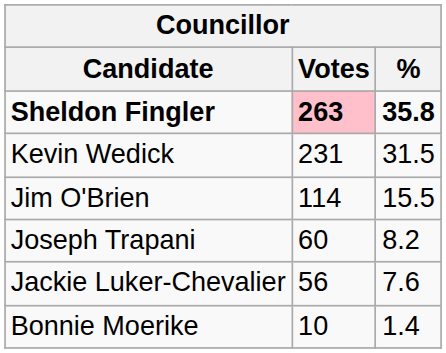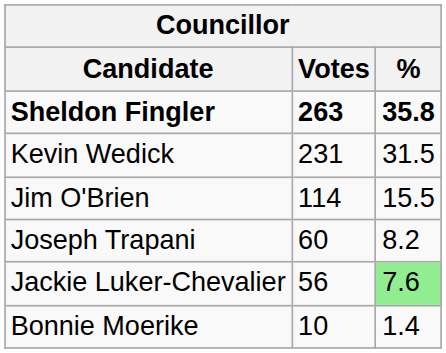 <table class="wikitable collapsible collapsed" align="right">
 <tr>
 <th colspan=3>Councillor</th>
 </tr>
 <tr>
 <th>Candidate</th>
 <th>Votes</th>
 <th>%</th>
 </tr>
 <tr>
 <td><strong>Sheldon Fingler</strong></td>
-<td style="background: pink;"><strong>263</strong></td>
+<td><strong>263</strong></td>
 <td><strong>35.8</strong></td>
 </tr>
 <tr>
 <td>Kevin Wedick</td>
 <td>231</td>
 <td>31.5</td>
 </tr>
 <tr>
 <td>Jim O'Brien</td>
 <td>114</td>
 <td>15.5</td>
 </tr>
 <tr>
 <td>Joseph Trapani</td>
 <td>60</td>
 <td>8.2</td>
 </tr>
 <tr>
 <td>Jackie Luker-Chevalier</td>
 <td>56</td>
-<td>7.6</td>
+<td style="background: lightgreen;">7.6</td>
 </tr>
 <tr>
 <td>Bonnie Moerike</td>
 <td>10</td>
 <td>1.4</td>
 </tr>
 </table>
